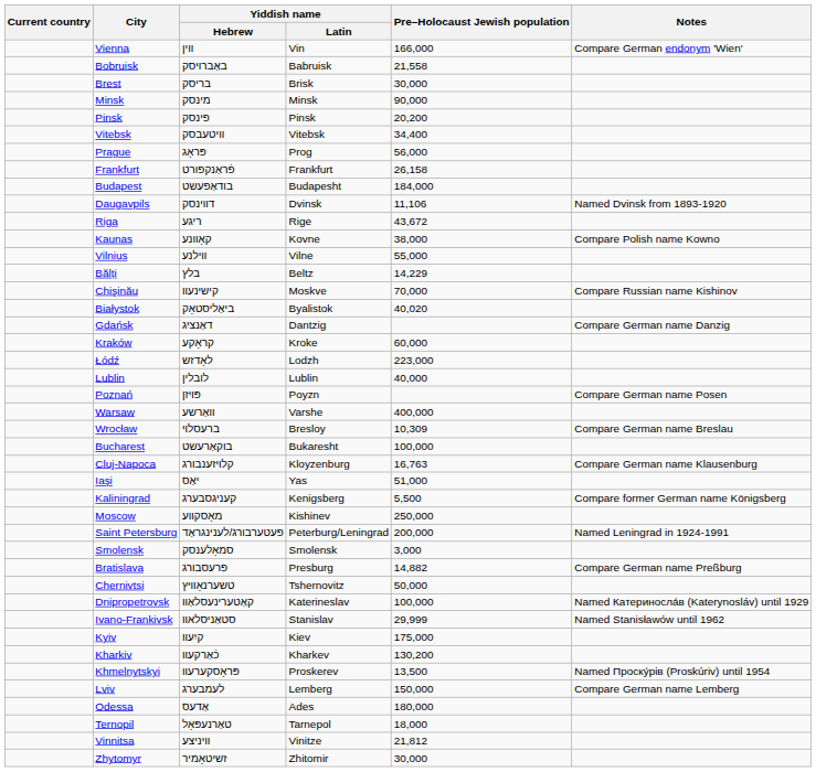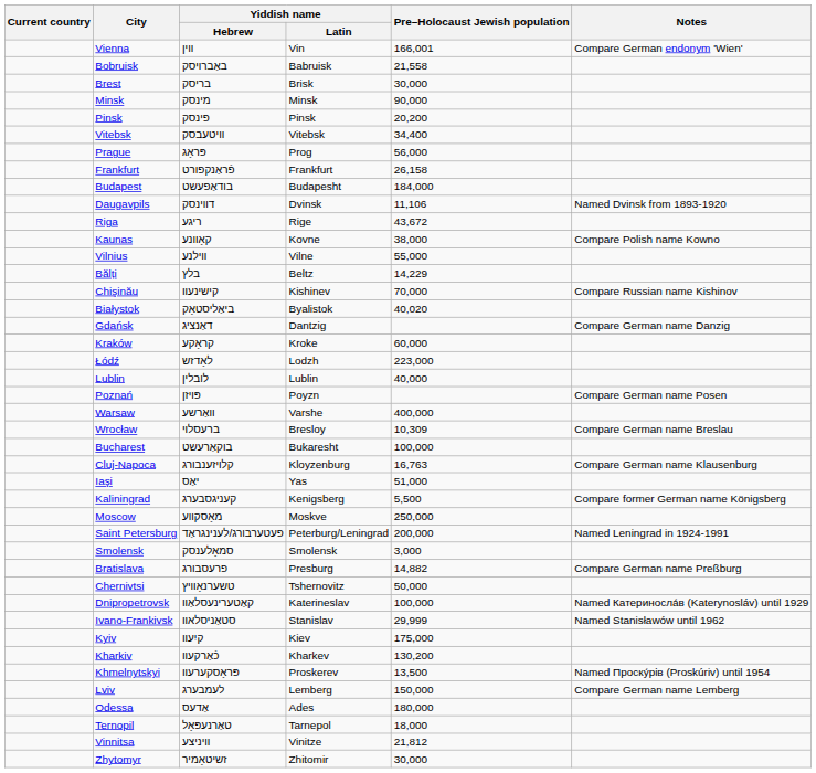 <table class="wikitable sortable" style="font-size:90%;">
 <tr>
 <th rowspan="2">Current country</th>
 <th rowspan="2">City</th>
 <th colspan="2">Yiddish name</th>
 <th rowspan="2">Pre–Holocaust Jewish population</th>
 <th rowspan="2">Notes</th>
 </tr>
 <tr>
 <th>Hebrew</th>
 <th>Latin</th>
 </tr>
 <tr>
 <td></td>
 <td><a href='#'>Vienna</a></td>
 <td>װין</td>
 <td>Vin</td>
-<td>166,000</td>
+<td>166,001</td>
 <td>Compare German <a href='#'>endonym</a> 'Wien'</td>
 </tr>
 <tr>
 <td></td>
 <td><a href='#'>Bobruisk</a></td>
 <td>באַברױסק</td>
 <td>Babruisk</td>
 <td>21,558</td>
 <td></td>
 </tr>
 <tr>
 <td></td>
 <td><a href='#'>Brest</a></td>
 <td>בריסק</td>
 <td>Brisk</td>
 <td>30,000</td>
 <td></td>
 </tr>
 <tr>
 <td></td>
 <td><a href='#'>Minsk</a></td>
 <td>מינסק</td>
 <td>Minsk</td>
 <td>90,000</td>
 <td></td>
 </tr>
 <tr>
 <td></td>
 <td><a href='#'>Pinsk</a></td>
 <td>פינסק</td>
 <td>Pinsk</td>
 <td>20,200</td>
 <td></td>
 </tr>
 <tr>
 <td></td>
 <td><a href='#'>Vitebsk</a></td>
 <td>װיטעבסק</td>
 <td>Vitebsk</td>
 <td>34,400</td>
 <td></td>
 </tr>
 <tr>
 <td></td>
 <td><a href='#'>Prague</a></td>
 <td>פּראָג</td>
 <td>Prog</td>
 <td>56,000</td>
 <td></td>
 </tr>
 <tr>
 <td></td>
 <td><a href='#'>Frankfurt</a></td>
 <td>פֿראַנקפורט</td>
 <td>Frankfurt</td>
 <td>26,158</td>
 <td></td>
 </tr>
 <tr>
 <td></td>
 <td><a href='#'>Budapest</a></td>
 <td>בודאַפעשט</td>
 <td>Budapesht</td>
 <td>184,000</td>
 <td></td>
 </tr>
 <tr>
 <td></td>
 <td><a href='#'>Daugavpils</a></td>
 <td>דװינסק</td>
 <td>Dvinsk</td>
 <td>11,106</td>
 <td>Named Dvinsk from 1893-1920</td>
 </tr>
 <tr>
 <td></td>
 <td><a href='#'>Riga</a></td>
 <td>ריגע</td>
 <td>Rige</td>
 <td>43,672</td>
 <td></td>
 </tr>
 <tr>
 <td></td>
 <td><a href='#'>Kaunas</a></td>
 <td>קאָװנע</td>
 <td>Kovne</td>
 <td>38,000</td>
 <td>Compare Polish name Kowno</td>
 </tr>
 <tr>
 <td></td>
 <td><a href='#'>Vilnius</a></td>
 <td>װילנע</td>
 <td>Vilne</td>
 <td>55,000</td>
 <td></td>
 </tr>
 <tr>
 <td></td>
 <td><a href='#'>Bălți</a></td>
 <td>‏בלץ</td>
 <td>Beltz</td>
 <td>14,229</td>
 <td></td>
 </tr>
 <tr>
 <td></td>
 <td><a href='#'>Chişinău</a></td>
 <td>קישינעװ</td>
-<td>Moskve</td>
+<td>Kishinev</td>
 <td>70,000</td>
 <td>Compare Russian name Kishinov</td>
 </tr>
 <tr>
 <td></td>
 <td><a href='#'>Białystok</a></td>
 <td>ביאַליסטאָק</td>
 <td>Byalistok</td>
 <td>40,020</td>
 <td></td>
 </tr>
 <tr>
 <td></td>
 <td><a href='#'>Gdańsk</a></td>
 <td>דאַנציג</td>
 <td>Dantzig</td>
 <td></td>
 <td>Compare German name Danzig</td>
 </tr>
 <tr>
 <td></td>
 <td><a href='#'>Kraków</a></td>
 <td>קראָקע</td>
 <td>Kroke</td>
 <td>60,000</td>
 <td></td>
 </tr>
 <tr>
 <td></td>
 <td><a href='#'>Łódź</a></td>
 <td>לאָדזש</td>
 <td>Lodzh</td>
 <td>223,000</td>
 <td></td>
 </tr>
 <tr>
 <td></td>
 <td><a href='#'>Lublin</a></td>
 <td>לובלין</td>
 <td>Lublin</td>
 <td>40,000</td>
 <td></td>
 </tr>
 <tr>
 <td></td>
 <td><a href='#'>Poznań</a></td>
 <td>פּױזן</td>
 <td>Poyzn</td>
 <td></td>
 <td>Compare German name Posen</td>
 </tr>
 <tr>
 <td></td>
 <td><a href='#'>Warsaw</a></td>
 <td>װאַרשע</td>
 <td>Varshe</td>
 <td>400,000</td>
 <td></td>
 </tr>
 <tr>
 <td></td>
 <td><a href='#'>Wrocław</a></td>
 <td>ברעסלױ</td>
 <td>Bresloy</td>
 <td>10,309</td>
 <td>Compare German name Breslau</td>
 </tr>
 <tr>
 <td></td>
 <td><a href='#'>Bucharest</a></td>
 <td>בוקאַרעשט</td>
 <td>Bukaresht</td>
 <td>100,000</td>
 <td></td>
 </tr>
 <tr>
 <td></td>
 <td><a href='#'>Cluj-Napoca</a></td>
 <td>קלױזענבורג</td>
 <td>Kloyzenburg</td>
 <td>16,763</td>
 <td>Compare German name Klausenburg</td>
 </tr>
 <tr>
 <td></td>
 <td><a href='#'>Iaşi</a></td>
 <td>יאַס</td>
 <td>Yas</td>
 <td>51,000</td>
 <td></td>
 </tr>
 <tr>
 <td></td>
 <td><a href='#'>Kaliningrad</a></td>
 <td>קעניגסבערג</td>
 <td>Kenigsberg</td>
 <td>5,500</td>
 <td>Compare former German name Königsberg</td>
 </tr>
 <tr>
 <td></td>
 <td><a href='#'>Moscow</a></td>
 <td>מאָסקװע</td>
-<td>Kishinev</td>
+<td>Moskve</td>
 <td>250,000</td>
 <td></td>
 </tr>
 <tr>
 <td></td>
 <td><a href='#'>Saint Petersburg</a></td>
 <td>פעטערבורג/לענינגראַד</td>
 <td>Peterburg/Leningrad</td>
 <td>200,000</td>
 <td>Named Leningrad in 1924-1991</td>
 </tr>
 <tr>
 <td></td>
 <td><a href='#'>Smolensk</a></td>
 <td>סמאָלענסק</td>
 <td>Smolensk</td>
 <td>3,000</td>
 <td></td>
 </tr>
 <tr>
 <td></td>
 <td><a href='#'>Bratislava</a></td>
 <td>פרעסבורג</td>
 <td>Presburg</td>
 <td>14,882</td>
 <td>Compare German name Preßburg</td>
 </tr>
 <tr>
 <td></td>
 <td><a href='#'>Chernivtsi</a></td>
 <td>טשערנאָװיץ</td>
 <td>Tshernovitz</td>
 <td>50,000</td>
 <td></td>
 </tr>
 <tr>
 <td></td>
 <td><a href='#'>Dnipropetrovsk</a></td>
 <td>קאַטערינעסלאַװ</td>
 <td>Katerineslav</td>
 <td>100,000</td>
 <td>Named Катериносла́в (Katerynosláv) until 1929</td>
 </tr>
 <tr>
 <td></td>
 <td><a href='#'>Ivano-Frankivsk</a></td>
 <td>סטאַניסלאװ</td>
 <td>Stanislav</td>
 <td>29,999</td>
 <td>Named Stanisławów until 1962</td>
 </tr>
 <tr>
 <td></td>
 <td><a href='#'>Kyiv</a></td>
 <td>קיִעװ</td>
 <td>Kiev</td>
 <td>175,000</td>
 <td></td>
 </tr>
 <tr>
 <td></td>
 <td><a href='#'>Kharkiv</a></td>
 <td>כ‏ֿאַרקעװ</td>
 <td>Kharkev</td>
 <td>130,200</td>
 <td></td>
 </tr>
 <tr>
 <td></td>
 <td><a href='#'>Khmelnytskyi</a></td>
 <td>פּראָסקערעװ</td>
 <td>Proskerev</td>
 <td>13,500</td>
 <td>Named Проску́рів (Proskúriv) until 1954</td>
 </tr>
 <tr>
 <td></td>
 <td><a href='#'>Lviv</a></td>
 <td>לעמבערג</td>
 <td>Lemberg</td>
 <td>150,000</td>
 <td>Compare German name Lemberg</td>
 </tr>
 <tr>
 <td></td>
 <td><a href='#'>Odessa</a></td>
 <td>אַדעס</td>
 <td>Ades</td>
 <td>180,000</td>
 <td></td>
 </tr>
 <tr>
 <td></td>
 <td><a href='#'>Ternopil</a></td>
 <td>טאַרנעפּאָל</td>
 <td>Tarnepol</td>
 <td>18,000</td>
 <td></td>
 </tr>
 <tr>
 <td></td>
 <td><a href='#'>Vinnitsa</a></td>
 <td>װיניצע</td>
 <td>Vinitze</td>
 <td>21,812</td>
 <td></td>
 </tr>
 <tr>
 <td></td>
 <td><a href='#'>Zhytomyr</a></td>
 <td>זשיטאָמיר</td>
 <td>Zhitomir</td>
 <td>30,000</td>
 <td></td>
 </tr>
 </table>
